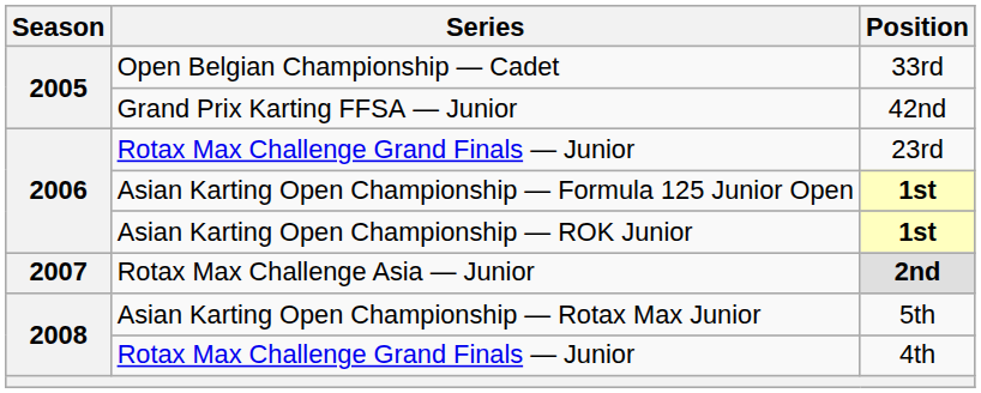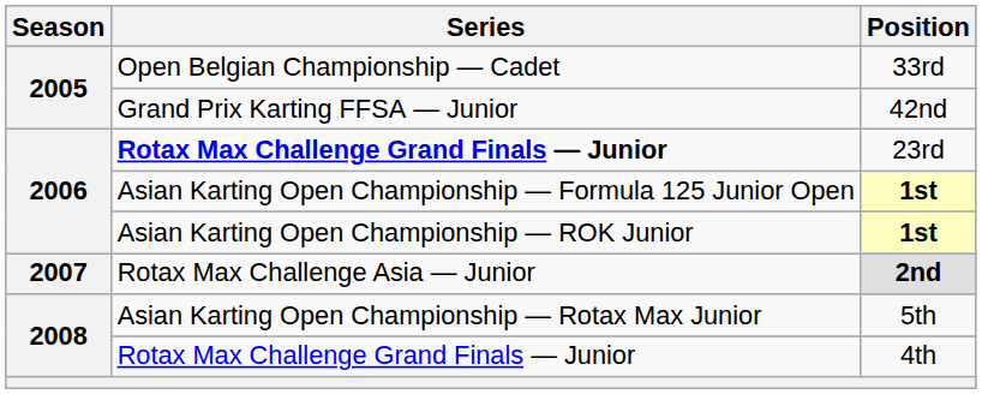 <table class="wikitable" style="font-size: 85%; text-align:center">
 <tr>
 <th>Season</th>
 <th>Series</th>
 <th>Position</th>
 </tr>
 <tr>
 <th rowspan="2">2005</th>
 <td align="left">Open Belgian Championship — Cadet</td>
 <td>33rd</td>
 </tr>
 <tr>
 <td align="left">Grand Prix Karting FFSA — Junior</td>
 <td>42nd</td>
 </tr>
 <tr>
 <th rowspan="3">2006</th>
-<td align="left"><a href='#'>Rotax Max Challenge Grand Finals</a> — Junior</td>
+<td align="left"><strong><a href='#'>Rotax Max Challenge Grand Finals</a> — Junior</strong></td>
 <td>23rd</td>
 </tr>
 <tr>
 <td align="left">Asian Karting Open Championship — Formula 125 Junior Open</td>
 <td style="background:#FFFFBF;"><strong>1st</strong></td>
 </tr>
 <tr>
 <td align="left">Asian Karting Open Championship — ROK Junior</td>
 <td style="background:#FFFFBF;"><strong>1st</strong></td>
 </tr>
 <tr>
 <th>2007</th>
 <td align="left">Rotax Max Challenge Asia — Junior</td>
 <td style="background:#DFDFDF;"><strong>2nd</strong></td>
 </tr>
 <tr>
 <th rowspan="2">2008</th>
 <td align="left">Asian Karting Open Championship — Rotax Max Junior</td>
 <td>5th</td>
 </tr>
 <tr>
 <td align="left"><a href='#'>Rotax Max Challenge Grand Finals</a> — Junior</td>
 <td>4th</td>
 </tr>
 <tr>
 <th colspan="3"></th>
 </tr>
 </table>
